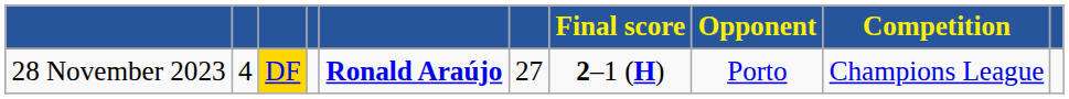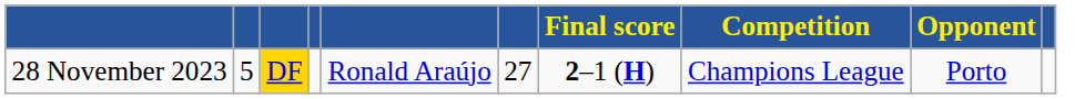 <table class="wikitable" style="text-align:center">
 <tr>
 <th style="background:#26559B;color:#FFF000;"></th>
 <th style="background:#26559B;color:#FFF000;"></th>
 <th style="background:#26559B;color:#FFF000;"></th>
 <th style="background:#26559B;color:#FFF000;"></th>
 <th style="background:#26559B;color:#FFF000;"></th>
 <th style="background:#26559B;color:#FFF000;"></th>
 <th style="background:#26559B;color:#FFF000;">Final score</th>
+<th style="background:#26559B;color:#FFF000;">Competition</th>
 <th style="background:#26559B;color:#FFF000;">Opponent</th>
-<th style="background:#26559B;color:#FFF000;">Competition</th>
 <th style="background:#26559B;color:#FFF000;"></th>
 </tr>
 <tr>
 <td>28 November 2023</td>
-<td>4</td>
+<td>5</td>
 <td style="background: gold;"><a href='#'>DF</a></td>
 <td></td>
-<td><strong><a href='#'>Ronald Araújo</a></strong></td>
+<td><a href='#'>Ronald Araújo</a></td>
 <td>27</td>
 <td><strong>2</strong>–1 (<a href='#'><strong>H</strong></a>)</td>
+<td><a href='#'>Champions League</a></td>
 <td> <a href='#'>Porto</a></td>
-<td><a href='#'>Champions League</a></td>
 <td></td>
 </tr>
 </table>
